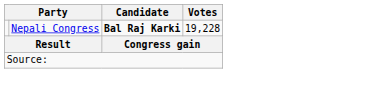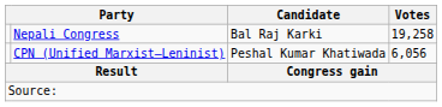 <table class="wikitable">
 <tr>
 <th colspan="2">Party</th>
 <th>Candidate</th>
 <th>Votes</th>
 </tr>
 <tr>
 <td style="background-color:"></td>
 <td><a href='#'>Nepali Congress</a></td>
-<td><strong>Bal Raj Karki</strong></td>
-<td>19,228</td>
+<td>Bal Raj Karki</td>
+<td>19,258</td>
+</tr>
+<tr>
+<td style="background-color:"></td>
+<td><a href='#'>CPN (Unified Marxist–Leninist)</a></td>
+<td>Peshal Kumar Khatiwada</td>
+<td>6,056</td>
 </tr>
 <tr>
 <th colspan="2">Result</th>
 <th colspan="2">Congress gain</th>
 </tr>
 <tr>
 <td colspan="4">Source: </td>
 </tr>
 </table>
